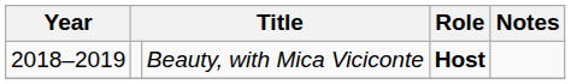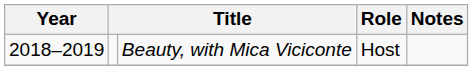 <table class="wikitable">
 <tr>
 <th>Year</th>
 <th colspan="2">Title</th>
 <th>Role</th>
 <th>Notes</th>
 </tr>
 <tr>
 <td>2018–2019</td>
 <td></td>
 <td><em>Beauty, with Mica Viciconte</em></td>
-<td><strong>Host</strong></td>
+<td>Host</td>
 <td></td>
 </tr>
 <tr>
 </tr>
 </table>
